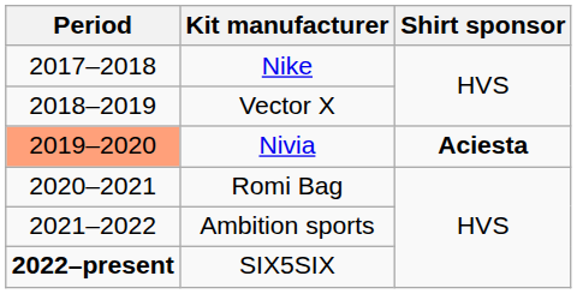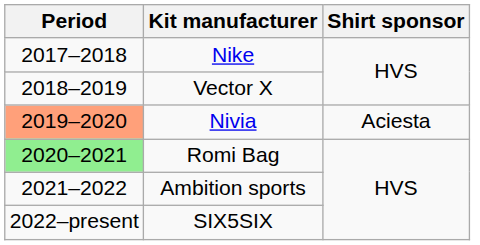 <table class="wikitable" style="text-align:center; margin-left:1em; float:center">
 <tr>
 <th>Period</th>
 <th>Kit manufacturer</th>
 <th>Shirt sponsor</th>
 </tr>
 <tr>
 <td>2017–2018</td>
 <td><a href='#'>Nike</a></td>
 <td rowspan="2">HVS</td>
 </tr>
 <tr>
 <td>2018–2019</td>
 <td>Vector X</td>
 </tr>
 <tr>
 <td style="background: lightsalmon;">2019–2020</td>
 <td><a href='#'>Nivia</a></td>
-<td><strong>Aciesta</strong></td>
+<td>Aciesta</td>
 </tr>
 <tr>
-<td>2020–2021</td>
+<td style="background: lightgreen;">2020–2021</td>
 <td>Romi Bag</td>
 <td rowspan="3">HVS</td>
 </tr>
 <tr>
 <td>2021–2022</td>
 <td>Ambition sports</td>
 </tr>
 <tr>
-<td><strong>2022–present</strong></td>
+<td>2022–present</td>
 <td>SIX5SIX</td>
 </tr>
 </table>
